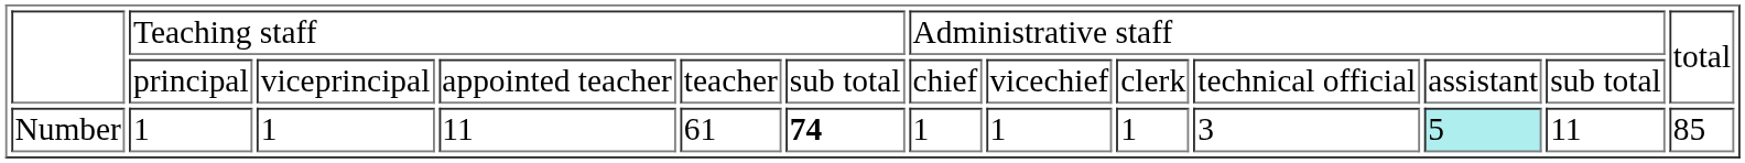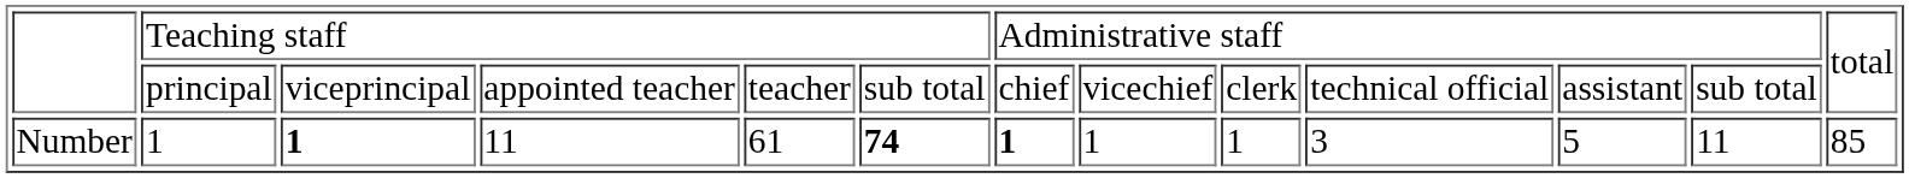 <table style="margin:auto;"  border="1">
 <tr>
 <td rowspan="2"></td>
 <td colspan="5">Teaching staff</td>
 <td colspan="6">Administrative staff</td>
 <td rowspan="2">total</td>
 </tr>
 <tr>
 <td>principal</td>
 <td>viceprincipal</td>
 <td>appointed teacher</td>
 <td>teacher</td>
 <td>sub total</td>
 <td>chief</td>
 <td>vicechief</td>
 <td>clerk</td>
 <td>technical official</td>
 <td>assistant</td>
 <td>sub total</td>
 </tr>
 <tr>
 <td>Number</td>
 <td>1</td>
-<td>1</td>
+<td><strong>1</strong></td>
 <td>11</td>
 <td>61</td>
 <td><strong>74</strong></td>
-<td>1</td>
+<td><strong>1</strong></td>
 <td>1</td>
 <td>1</td>
 <td>3</td>
-<td style="background: paleturquoise;">5</td>
+<td>5</td>
 <td>11</td>
 <td>85</td>
 </tr>
 </table>
